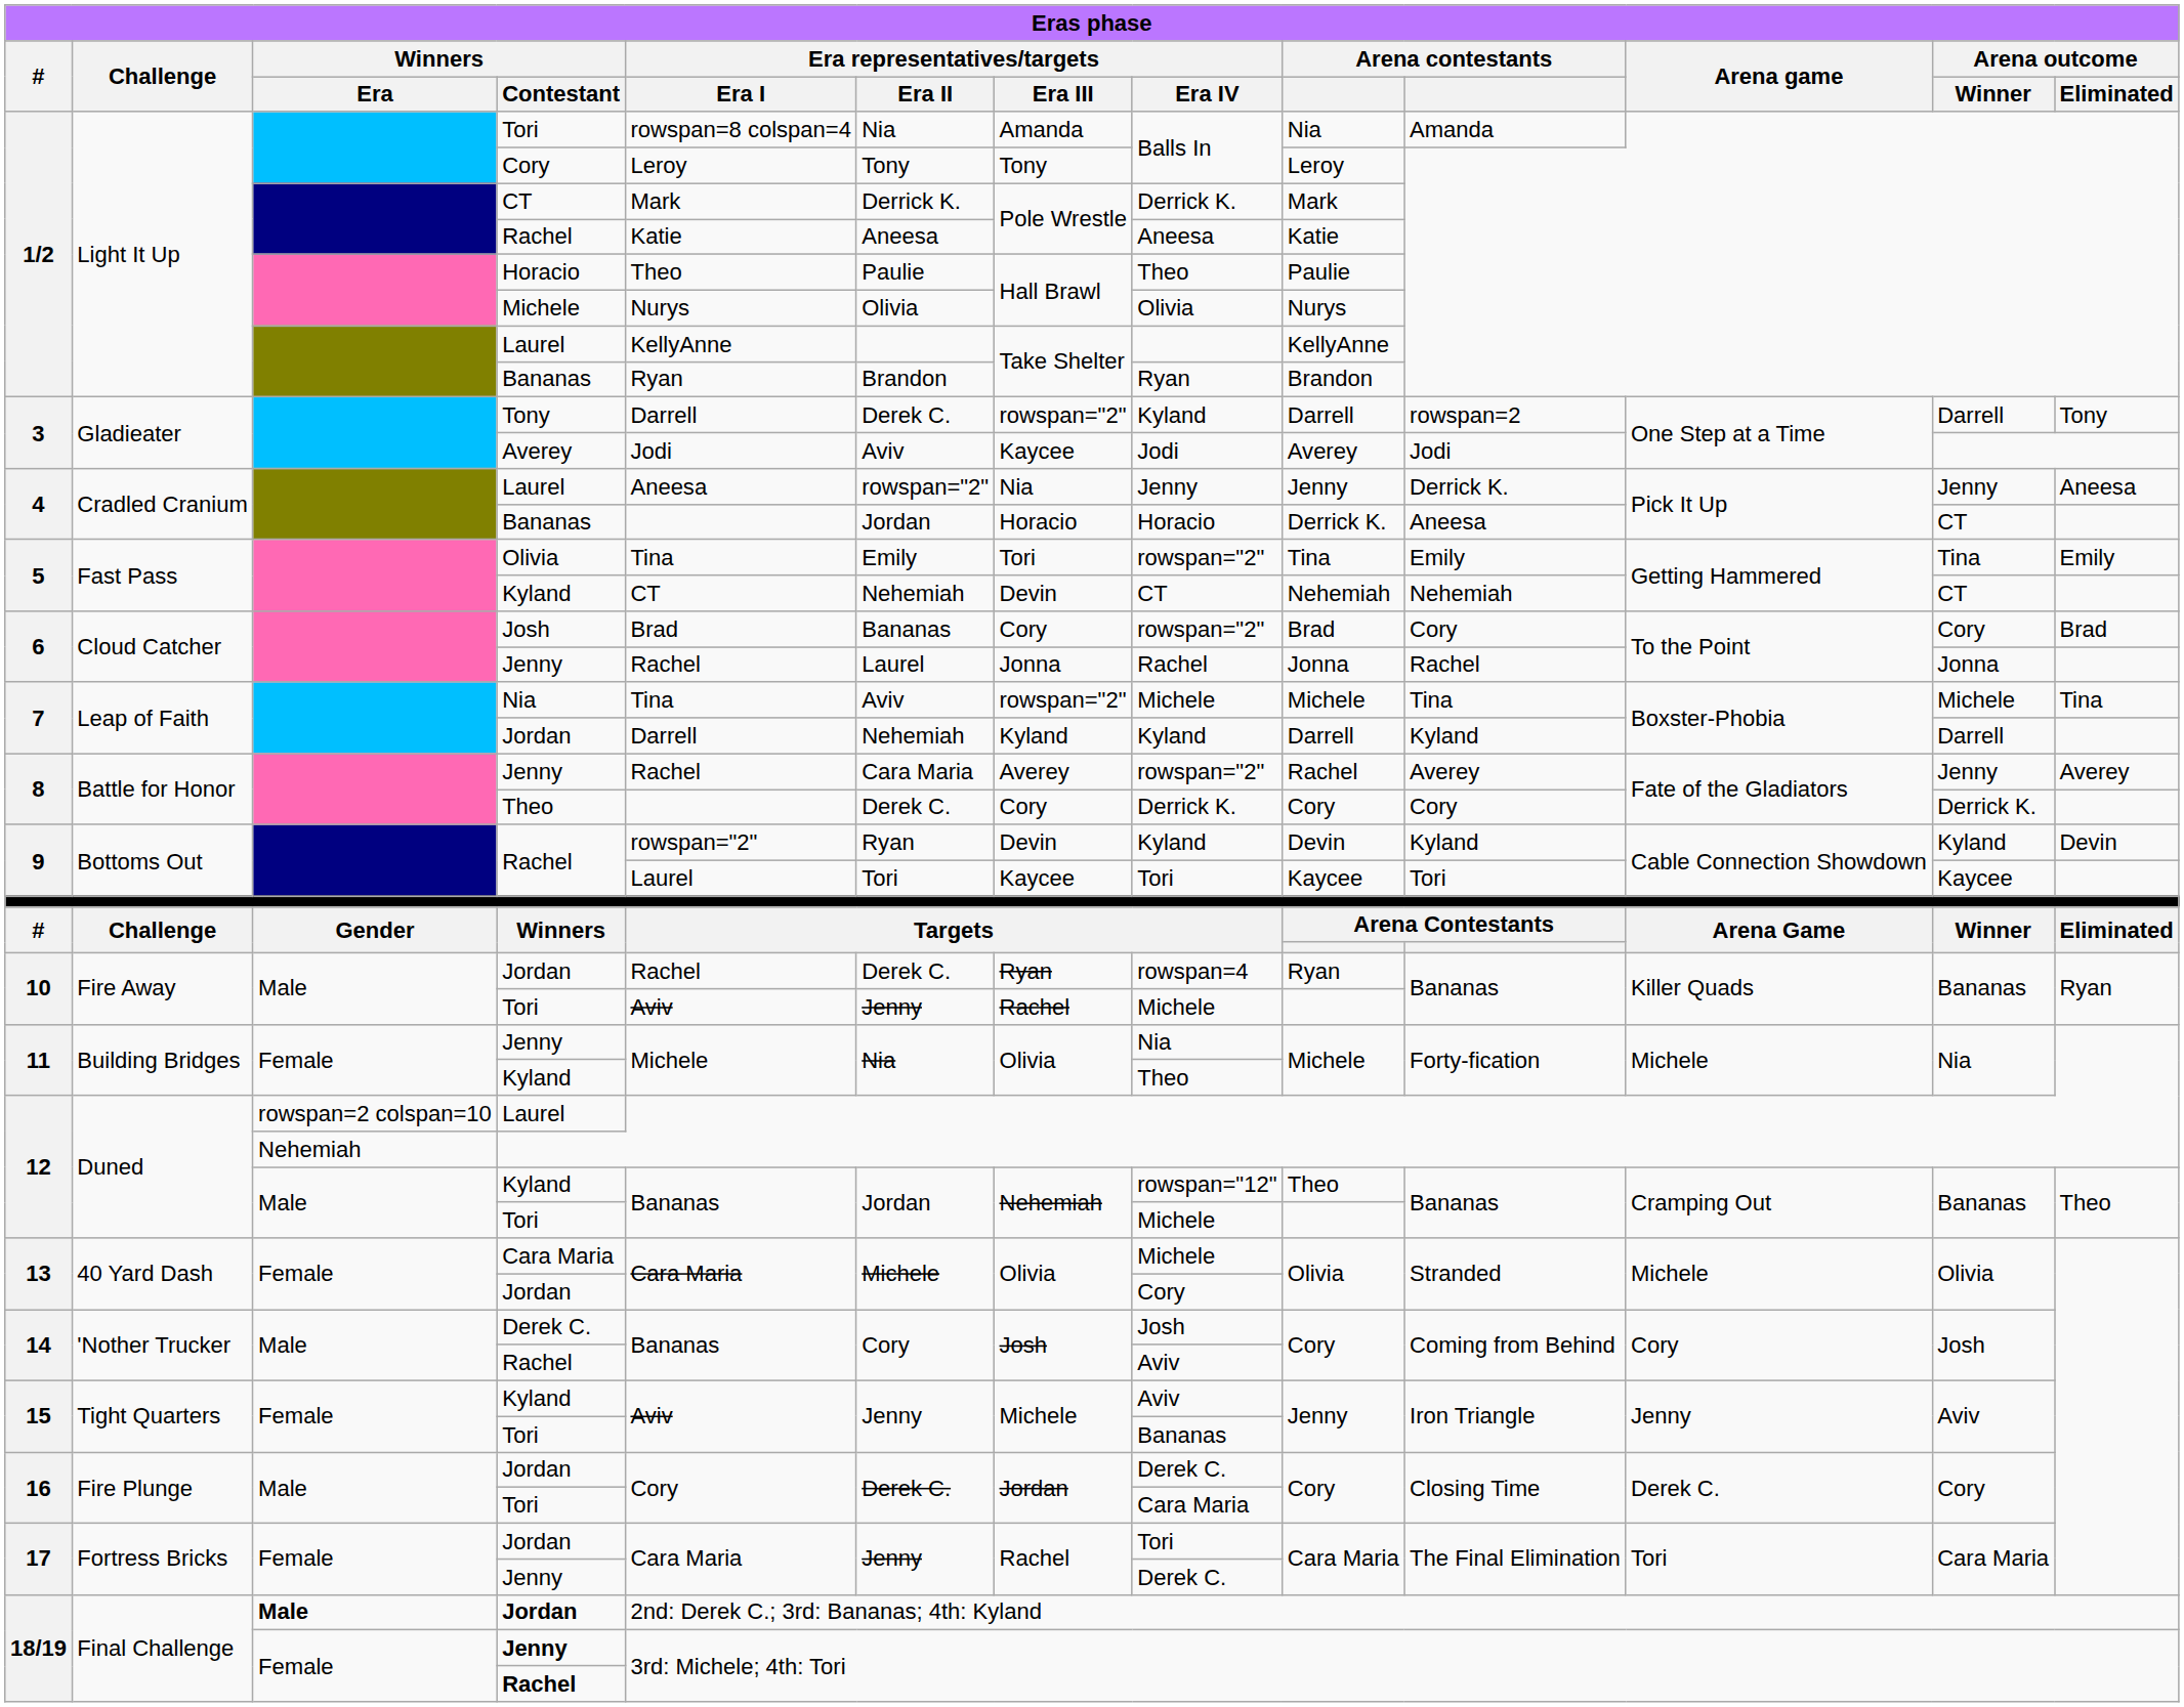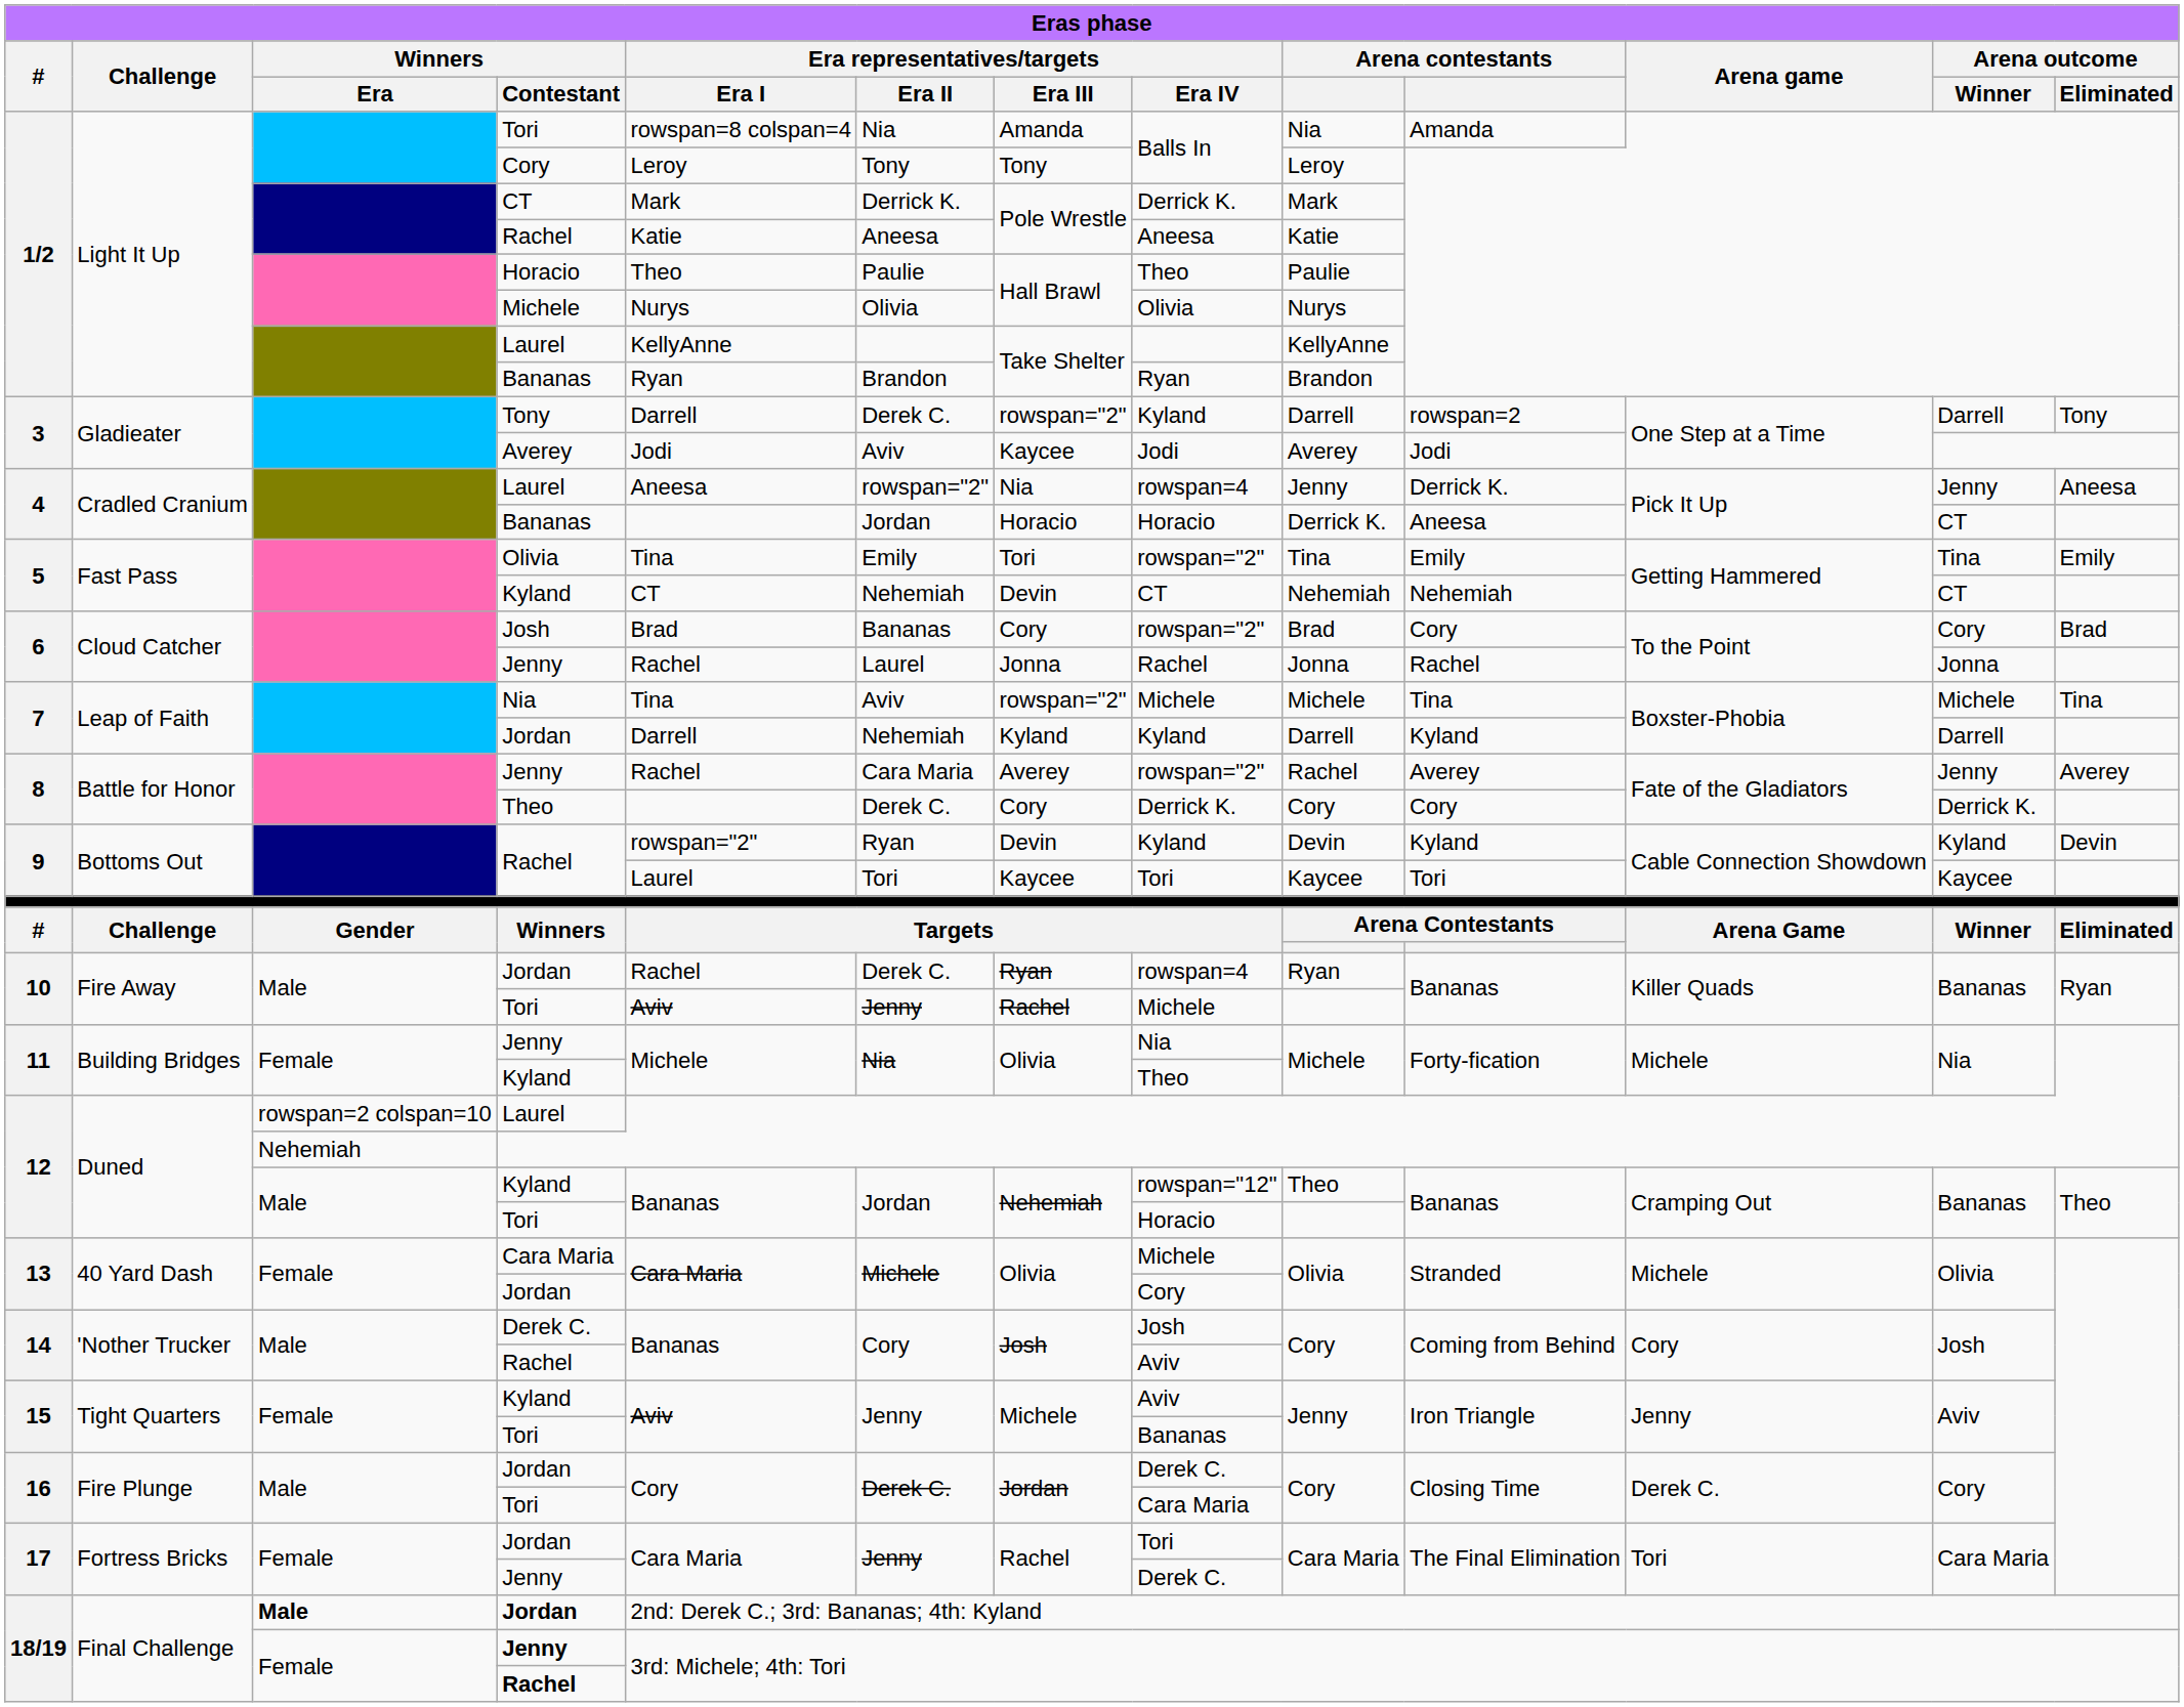 <table class="wikitable" style="font-size:90%; white-space:nowrap">
 <tr>
 <th style="background:#BB76FF" colspan="13">Eras phase</th>
 </tr>
 <tr>
 <th rowspan="2">#</th>
 <th rowspan="2">Challenge</th>
 <th colspan="2">Winners</th>
 <th colspan="4">Era representatives/targets</th>
 <th colspan="2">Arena contestants</th>
 <th rowspan="2">Arena game</th>
 <th colspan="2">Arena outcome</th>
 </tr>
 <tr>
 <th>Era</th>
 <th>Contestant</th>
 <th>Era I</th>
 <th>Era II</th>
 <th>Era III</th>
 <th>Era IV</th>
 <th></th>
 <th></th>
 <th>Winner</th>
 <th>Eliminated</th>
 </tr>
 <tr>
 <th rowspan="8">1/2</th>
 <td rowspan="8">Light It Up</td>
 <td rowspan="2" bgcolor="deepskyblue"></td>
 <td>Tori</td>
 <td>rowspan=8 colspan=4 </td>
 <td>Nia</td>
 <td>Amanda</td>
 <td rowspan="2">Balls In</td>
 <td>Nia</td>
 <td>Amanda</td>
 </tr>
 <tr>
 <td>Cory</td>
 <td>Leroy</td>
 <td>Tony</td>
 <td>Tony</td>
 <td>Leroy</td>
 </tr>
 <tr>
 <td rowspan="2" bgcolor="navy"></td>
 <td>CT</td>
 <td>Mark</td>
 <td>Derrick K.</td>
 <td rowspan="2">Pole Wrestle</td>
 <td>Derrick K.</td>
 <td>Mark</td>
 </tr>
 <tr>
 <td>Rachel</td>
 <td>Katie</td>
 <td>Aneesa</td>
 <td>Aneesa</td>
 <td>Katie</td>
 </tr>
 <tr>
 <td rowspan="2" bgcolor="hotpink"></td>
 <td>Horacio</td>
 <td>Theo</td>
 <td>Paulie</td>
 <td rowspan="2">Hall Brawl</td>
 <td>Theo</td>
 <td>Paulie</td>
 </tr>
 <tr>
 <td>Michele</td>
 <td>Nurys</td>
 <td>Olivia</td>
 <td>Olivia</td>
 <td>Nurys</td>
 </tr>
 <tr>
 <td rowspan="2" bgcolor="olive"></td>
 <td>Laurel</td>
 <td>KellyAnne</td>
 <td></td>
 <td rowspan="2">Take Shelter</td>
 <td></td>
 <td>KellyAnne</td>
 </tr>
 <tr>
 <td>Bananas</td>
 <td>Ryan</td>
 <td>Brandon</td>
 <td>Ryan</td>
 <td>Brandon</td>
 </tr>
 <tr>
 <th rowspan="2">3</th>
 <td rowspan="2">Gladieater</td>
 <td rowspan="2" bgcolor="deepskyblue"></td>
 <td>Tony</td>
 <td>Darrell</td>
 <td>Derek C.</td>
 <td>rowspan="2" </td>
 <td>Kyland</td>
 <td>Darrell</td>
 <td>rowspan=2 </td>
 <td rowspan="2">One Step at a Time</td>
 <td>Darrell</td>
 <td>Tony</td>
 </tr>
 <tr>
 <td>Averey</td>
 <td>Jodi</td>
 <td>Aviv</td>
 <td>Kaycee</td>
 <td>Jodi</td>
 <td>Averey</td>
 <td>Jodi</td>
 </tr>
 <tr>
 <th rowspan="2">4</th>
 <td rowspan="2">Cradled Cranium</td>
 <td rowspan="2" bgcolor="olive"></td>
 <td>Laurel</td>
 <td>Aneesa</td>
 <td>rowspan="2" </td>
 <td>Nia</td>
-<td>Jenny</td>
+<td>rowspan=4 </td>
 <td>Jenny</td>
 <td>Derrick K.</td>
 <td rowspan="2">Pick It Up</td>
 <td>Jenny</td>
 <td>Aneesa</td>
 </tr>
 <tr>
 <td>Bananas</td>
 <td></td>
 <td>Jordan</td>
 <td>Horacio</td>
 <td>Horacio</td>
 <td>Derrick K.</td>
 <td>Aneesa</td>
 <td>CT</td>
 </tr>
 <tr>
 <th rowspan="2">5</th>
 <td rowspan="2">Fast Pass</td>
 <td rowspan="2" bgcolor="hotpink"></td>
 <td>Olivia</td>
 <td>Tina</td>
 <td>Emily</td>
 <td>Tori</td>
 <td>rowspan="2" </td>
 <td>Tina</td>
 <td>Emily</td>
 <td rowspan="2">Getting Hammered</td>
 <td>Tina</td>
 <td>Emily</td>
 </tr>
 <tr>
 <td>Kyland</td>
 <td>CT</td>
 <td>Nehemiah</td>
 <td>Devin</td>
 <td>CT</td>
 <td>Nehemiah</td>
 <td>Nehemiah</td>
 <td>CT</td>
 </tr>
 <tr>
 <th rowspan="2">6</th>
 <td rowspan="2">Cloud Catcher</td>
 <td rowspan="2" bgcolor="hotpink"></td>
 <td>Josh</td>
 <td>Brad</td>
 <td>Bananas</td>
 <td>Cory</td>
 <td>rowspan="2" </td>
 <td>Brad</td>
 <td>Cory</td>
 <td rowspan="2">To the Point</td>
 <td>Cory</td>
 <td>Brad</td>
 </tr>
 <tr>
 <td>Jenny</td>
 <td>Rachel</td>
 <td>Laurel</td>
 <td>Jonna</td>
 <td>Rachel</td>
 <td>Jonna</td>
 <td>Rachel</td>
 <td>Jonna</td>
 </tr>
 <tr>
 <th rowspan="2">7</th>
 <td rowspan="2">Leap of Faith</td>
 <td rowspan="2" bgcolor="deepskyblue"></td>
 <td>Nia</td>
 <td>Tina</td>
 <td>Aviv</td>
 <td>rowspan="2" </td>
 <td>Michele</td>
 <td>Michele</td>
 <td>Tina</td>
 <td rowspan="2">Boxster-Phobia</td>
 <td>Michele</td>
 <td>Tina</td>
 </tr>
 <tr>
 <td>Jordan</td>
 <td>Darrell</td>
 <td>Nehemiah</td>
 <td>Kyland</td>
 <td>Kyland</td>
 <td>Darrell</td>
 <td>Kyland</td>
 <td>Darrell</td>
 </tr>
 <tr>
 <th rowspan="2">8</th>
 <td rowspan="2">Battle for Honor</td>
 <td rowspan="2" bgcolor="hotpink"></td>
 <td>Jenny</td>
 <td>Rachel</td>
 <td>Cara Maria</td>
 <td>Averey</td>
 <td>rowspan="2" </td>
 <td>Rachel</td>
 <td>Averey</td>
 <td rowspan="2">Fate of the Gladiators</td>
 <td>Jenny</td>
 <td>Averey</td>
 </tr>
 <tr>
 <td>Theo</td>
 <td></td>
 <td>Derek C.</td>
 <td>Cory</td>
 <td>Derrick K.</td>
 <td>Cory</td>
 <td>Cory</td>
 <td>Derrick K.</td>
 </tr>
 <tr>
 <th rowspan="2">9</th>
 <td rowspan="2">Bottoms Out</td>
 <td rowspan="2" bgcolor="navy"></td>
 <td rowspan=2>Rachel</td>
 <td>rowspan="2" </td>
 <td>Ryan</td>
 <td>Devin</td>
 <td>Kyland</td>
 <td>Devin</td>
 <td>Kyland</td>
 <td rowspan="2">Cable Connection Showdown</td>
 <td>Kyland</td>
 <td>Devin</td>
 </tr>
 <tr>
 <td>Laurel</td>
 <td>Tori</td>
 <td>Kaycee</td>
 <td>Tori</td>
 <td>Kaycee</td>
 <td>Tori</td>
 <td>Kaycee</td>
 </tr>
 <tr>
 <th style="background:#000000"  colspan="13"></th>
 </tr>
 <tr>
 <th rowspan="2">#</th>
 <th rowspan="2">Challenge</th>
 <th rowspan="2">Gender</th>
 <th rowspan="2">Winners</th>
 <th colspan="4" rowspan="2">Targets</th>
 <th colspan="2">Arena Contestants</th>
 <th rowspan="2">Arena Game</th>
 <th rowspan="2">Winner</th>
 <th rowspan="2">Eliminated</th>
 </tr>
 <tr>
 <th></th>
 <th></th>
 </tr>
 <tr>
 <th rowspan="2">10</th>
 <td rowspan="2">Fire Away</td>
 <td rowspan="2">Male</td>
 <td>Jordan</td>
 <td>Rachel</td>
 <td>Derek C.</td>
 <td><s>Ryan</s></td>
 <td>rowspan=4 </td>
 <td>Ryan</td>
 <td rowspan="2">Bananas</td>
 <td rowspan="2">Killer Quads</td>
 <td rowspan="2">Bananas</td>
 <td rowspan="2">Ryan</td>
 </tr>
 <tr>
 <td>Tori</td>
 <td><s>Aviv</s></td>
 <td><s>Jenny</s></td>
 <td><s>Rachel</s></td>
 <td>Michele</td>
 </tr>
 <tr>
 <th rowspan="2">11</th>
 <td rowspan="2">Building Bridges</td>
 <td rowspan="2">Female</td>
 <td>Jenny</td>
 <td rowspan="2">Michele</td>
 <td rowspan="2"><s>Nia</s></td>
 <td rowspan="2">Olivia</td>
 <td>Nia</td>
 <td rowspan="2">Michele</td>
 <td rowspan="2">Forty-fication</td>
 <td rowspan="2">Michele</td>
 <td rowspan="2">Nia</td>
 </tr>
 <tr>
 <td>Kyland</td>
 <td>Theo</td>
 </tr>
 <tr>
 <th rowspan="4">12</th>
 <td rowspan="4">Duned</td>
 <td>rowspan=2 colspan=10 </td>
 <td>Laurel</td>
 </tr>
 <tr>
 <td>Nehemiah</td>
 </tr>
 <tr>
 <td rowspan="2">Male</td>
 <td>Kyland</td>
 <td rowspan="2">Bananas</td>
 <td rowspan="2">Jordan</td>
 <td rowspan="2"><s>Nehemiah</s></td>
 <td>rowspan="12" </td>
 <td>Theo</td>
 <td rowspan="2">Bananas</td>
 <td rowspan="2">Cramping Out</td>
 <td rowspan="2">Bananas</td>
 <td rowspan="2">Theo</td>
 </tr>
 <tr>
 <td>Tori</td>
-<td>Michele</td>
+<td>Horacio</td>
 </tr>
 <tr>
 <th rowspan="2">13</th>
 <td rowspan="2">40 Yard Dash</td>
 <td rowspan="2">Female</td>
 <td>Cara Maria</td>
 <td rowspan="2"><s>Cara Maria</s></td>
 <td rowspan="2"><s>Michele</s></td>
 <td rowspan="2">Olivia</td>
 <td>Michele</td>
 <td rowspan="2">Olivia</td>
 <td rowspan="2">Stranded</td>
 <td rowspan="2">Michele</td>
 <td rowspan="2">Olivia</td>
 </tr>
 <tr>
 <td>Jordan</td>
 <td>Cory</td>
 </tr>
 <tr>
 <th rowspan="2">14</th>
 <td rowspan="2">'Nother Trucker</td>
 <td rowspan="2">Male</td>
 <td>Derek C.</td>
 <td rowspan="2">Bananas</td>
 <td rowspan="2">Cory</td>
 <td rowspan="2"><s>Josh</s></td>
 <td>Josh</td>
 <td rowspan="2">Cory</td>
 <td rowspan="2">Coming from Behind</td>
 <td rowspan="2">Cory</td>
 <td rowspan="2">Josh</td>
 </tr>
 <tr>
 <td>Rachel</td>
 <td>Aviv</td>
 </tr>
 <tr>
 <th rowspan="2">15</th>
 <td rowspan="2">Tight Quarters</td>
 <td rowspan="2">Female</td>
 <td>Kyland</td>
 <td rowspan="2"><s>Aviv</s></td>
 <td rowspan="2">Jenny</td>
 <td rowspan="2">Michele</td>
 <td>Aviv</td>
 <td rowspan="2">Jenny</td>
 <td rowspan="2">Iron Triangle</td>
 <td rowspan="2">Jenny</td>
 <td rowspan="2">Aviv</td>
 </tr>
 <tr>
 <td>Tori</td>
 <td>Bananas</td>
 </tr>
 <tr>
 <th rowspan="2">16</th>
 <td rowspan="2">Fire Plunge</td>
 <td rowspan="2">Male</td>
 <td>Jordan</td>
 <td rowspan="2">Cory</td>
 <td rowspan="2"><s>Derek C.</s></td>
 <td rowspan="2"><s>Jordan</s></td>
 <td>Derek C.</td>
 <td rowspan="2">Cory</td>
 <td rowspan="2">Closing Time</td>
 <td rowspan="2">Derek C.</td>
 <td rowspan="2">Cory</td>
 </tr>
 <tr>
 <td>Tori</td>
 <td>Cara Maria</td>
 </tr>
 <tr>
 <th rowspan="2">17</th>
 <td rowspan="2">Fortress Bricks</td>
 <td rowspan="2">Female</td>
 <td>Jordan</td>
 <td rowspan="2">Cara Maria</td>
 <td rowspan="2"><s>Jenny</s></td>
 <td rowspan="2">Rachel</td>
 <td>Tori</td>
 <td rowspan="2">Cara Maria</td>
 <td rowspan="2">The Final Elimination</td>
 <td rowspan="2">Tori</td>
 <td rowspan="2">Cara Maria</td>
 </tr>
 <tr>
 <td>Jenny</td>
 <td>Derek C.</td>
 </tr>
 <tr>
 <th rowspan="3">18/19</th>
 <td rowspan="3">Final Challenge</td>
 <td><strong>Male</strong></td>
 <td><strong>Jordan</strong></td>
 <td colspan="9">2nd: Derek C.; 3rd: Bananas; 4th: Kyland</td>
 </tr>
 <tr>
 <td rowspan="2">Female</td>
 <td><strong>Jenny</strong></td>
 <td rowspan="2" colspan="9">3rd: Michele; 4th: Tori</td>
 </tr>
 <tr>
 <td><strong>Rachel</strong></td>
 </tr>
 </table>
